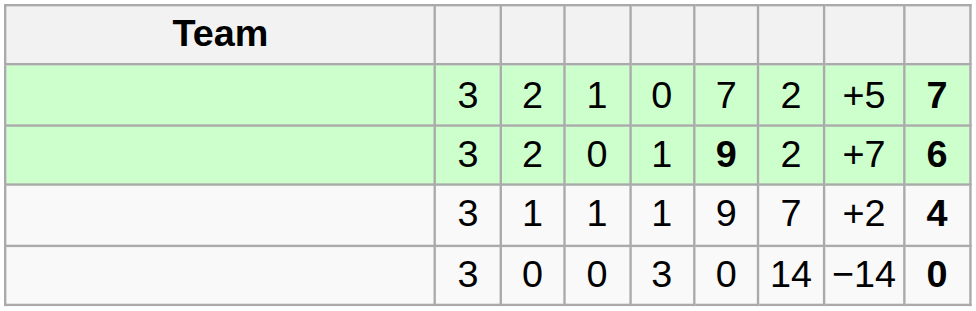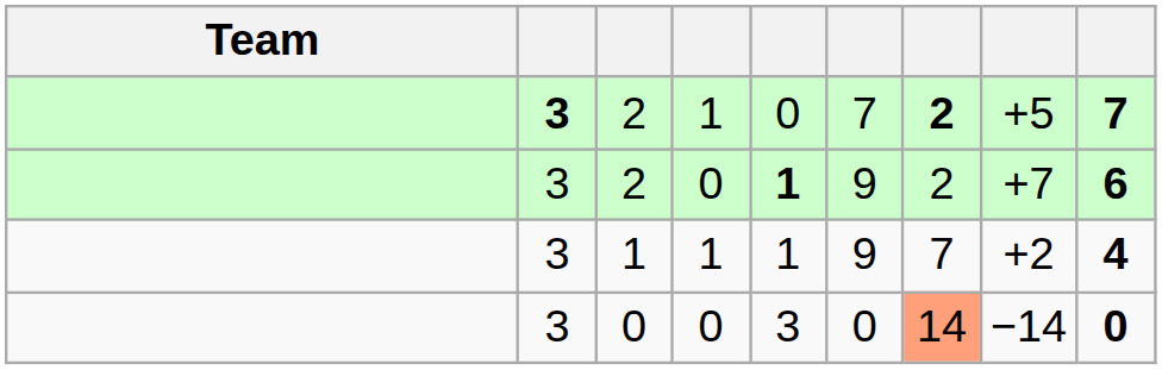 <table class="wikitable" style="text-align:center;">
 <tr>
 <th width=175>Team</th>
 <th width=20></th>
 <th width=20></th>
 <th width=20></th>
 <th width=20></th>
 <th width=20></th>
 <th width=20></th>
 <th width=20></th>
 <th width=20></th>
 </tr>
 <tr style="background:#cfc;">
 <td align=left></td>
-<td>3</td>
+<td><strong>3</strong></td>
 <td>2</td>
 <td>1</td>
 <td>0</td>
 <td>7</td>
-<td>2</td>
+<td><strong>2</strong></td>
 <td>+5</td>
 <td><strong>7</strong></td>
 </tr>
 <tr style="background:#cfc;">
 <td align=left></td>
 <td>3</td>
 <td>2</td>
 <td>0</td>
-<td>1</td>
-<td><strong>9</strong></td>
+<td><strong>1</strong></td>
+<td>9</td>
 <td>2</td>
 <td>+7</td>
 <td><strong>6</strong></td>
 </tr>
 <tr>
 <td align=left></td>
 <td>3</td>
 <td>1</td>
 <td>1</td>
 <td>1</td>
 <td>9</td>
 <td>7</td>
 <td>+2</td>
 <td><strong>4</strong></td>
 </tr>
 <tr>
 <td align=left></td>
 <td>3</td>
 <td>0</td>
 <td>0</td>
 <td>3</td>
 <td>0</td>
-<td>14</td>
+<td style="background: lightsalmon;">14</td>
 <td>−14</td>
 <td><strong>0</strong></td>
 </tr>
 </table>
